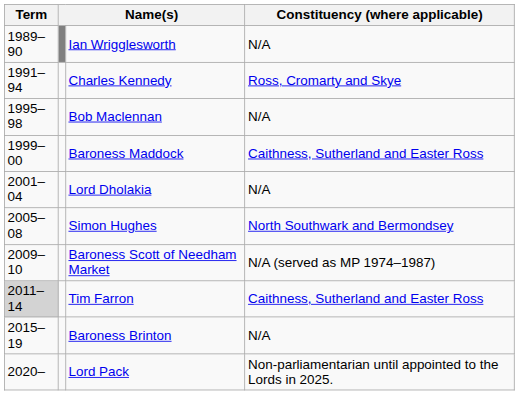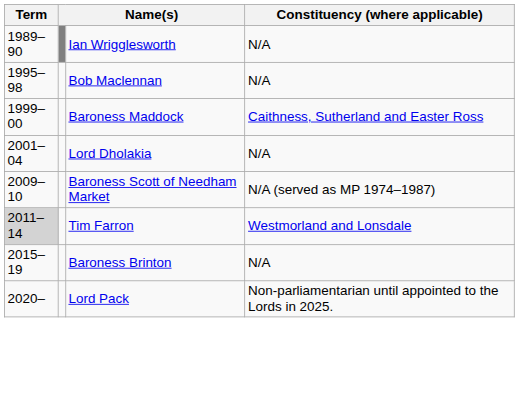 <table class="wikitable sortable">
 <tr>
 <th>Term</th>
 <th colspan=2>Name(s)</th>
 <th>Constituency (where applicable)</th>
 </tr>
 <tr>
 <td>1989–90</td>
 <td style="background: grey; width: 1px;"></td>
 <td><a href='#'>Ian Wrigglesworth</a></td>
 <td>N/A</td>
-</tr>
-<tr>
-<td>1991–94</td>
-<td style="background: "></td>
-<td><a href='#'>Charles Kennedy</a></td>
-<td><a href='#'>Ross, Cromarty and Skye</a></td>
 </tr>
 <tr>
 <td>1995–98</td>
 <td style="background: "></td>
 <td><a href='#'>Bob Maclennan</a></td>
 <td>N/A</td>
 </tr>
 <tr>
 <td>1999–00</td>
 <td style="background: "></td>
 <td><a href='#'>Baroness Maddock</a></td>
 <td><a href='#'>Caithness, Sutherland and Easter Ross</a></td>
 </tr>
 <tr>
 <td>2001–04</td>
 <td style="background: "></td>
 <td><a href='#'>Lord Dholakia</a></td>
 <td>N/A</td>
 </tr>
 <tr>
-<td>2005–08</td>
-<td style="background: "></td>
-<td><a href='#'>Simon Hughes</a></td>
-<td><a href='#'>North Southwark and Bermondsey</a></td>
-</tr>
-<tr>
 <td>2009–10</td>
 <td style="background: "></td>
 <td><a href='#'>Baroness Scott of Needham Market</a></td>
 <td>N/A (served as MP 1974–1987)</td>
 </tr>
 <tr>
 <td style="background: lightgrey;">2011–14</td>
 <td style="background: "></td>
 <td><a href='#'>Tim Farron</a></td>
-<td><a href='#'>Caithness, Sutherland and Easter Ross</a></td>
+<td><a href='#'>Westmorland and Lonsdale</a></td>
 </tr>
 <tr>
 <td>2015–19</td>
 <td style="background: "></td>
 <td><a href='#'>Baroness Brinton</a></td>
 <td>N/A</td>
 </tr>
 <tr>
 <td>2020–</td>
 <td style="background: "></td>
 <td><a href='#'>Lord Pack</a></td>
 <td>Non-parliamentarian until appointed to the Lords in 2025.</td>
 </tr>
 </table>
